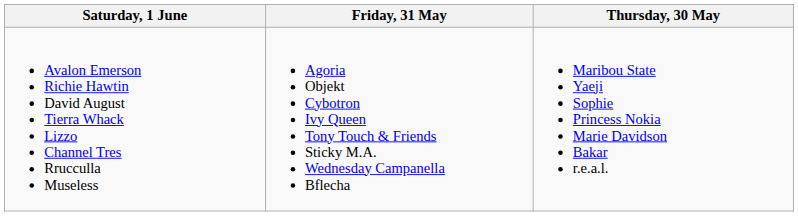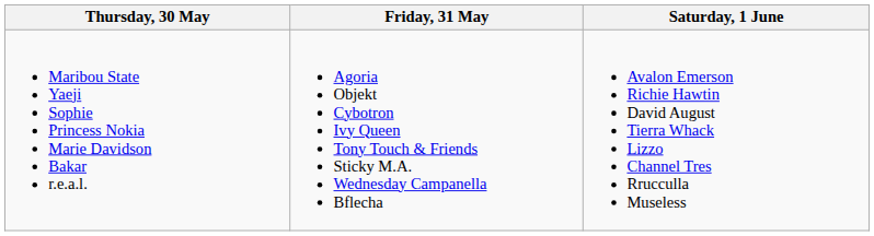 <table class="wikitable">
 <tr>
+<th width="500">Thursday, 30 May</th>
+<th width="500">Friday, 31 May</th>
 <th width="500">Saturday, 1 June</th>
-<th width="500">Friday, 31 May</th>
-<th width="500">Thursday, 30 May</th>
 </tr>
 <tr valign="top">
+<td><br><ul><li><a href='#'>Maribou State</a></li><li><a href='#'>Yaeji</a></li><li><a href='#'>Sophie</a></li><li><a href='#'>Princess Nokia</a></li><li><a href='#'>Marie Davidson</a></li><li><a href='#'>Bakar</a></li><li>r.e.a.l.</li></ul></td>
+<td><br><ul><li><a href='#'>Agoria</a></li><li>Objekt</li><li><a href='#'>Cybotron</a></li><li><a href='#'>Ivy Queen</a></li><li><a href='#'>Tony Touch & Friends</a></li><li>Sticky M.A.</li><li><a href='#'>Wednesday Campanella</a></li><li>Bflecha</li></ul></td>
 <td><br><ul><li><a href='#'>Avalon Emerson</a></li><li><a href='#'>Richie Hawtin</a></li><li>David August</li><li><a href='#'>Tierra Whack</a></li><li><a href='#'>Lizzo</a></li><li><a href='#'>Channel Tres</a></li><li>Rrucculla</li><li>Museless</li></ul></td>
-<td><br><ul><li><a href='#'>Agoria</a></li><li>Objekt</li><li><a href='#'>Cybotron</a></li><li><a href='#'>Ivy Queen</a></li><li><a href='#'>Tony Touch & Friends</a></li><li>Sticky M.A.</li><li><a href='#'>Wednesday Campanella</a></li><li>Bflecha</li></ul></td>
-<td><br><ul><li><a href='#'>Maribou State</a></li><li><a href='#'>Yaeji</a></li><li><a href='#'>Sophie</a></li><li><a href='#'>Princess Nokia</a></li><li><a href='#'>Marie Davidson</a></li><li><a href='#'>Bakar</a></li><li>r.e.a.l.</li></ul></td>
 </tr>
 </table>
